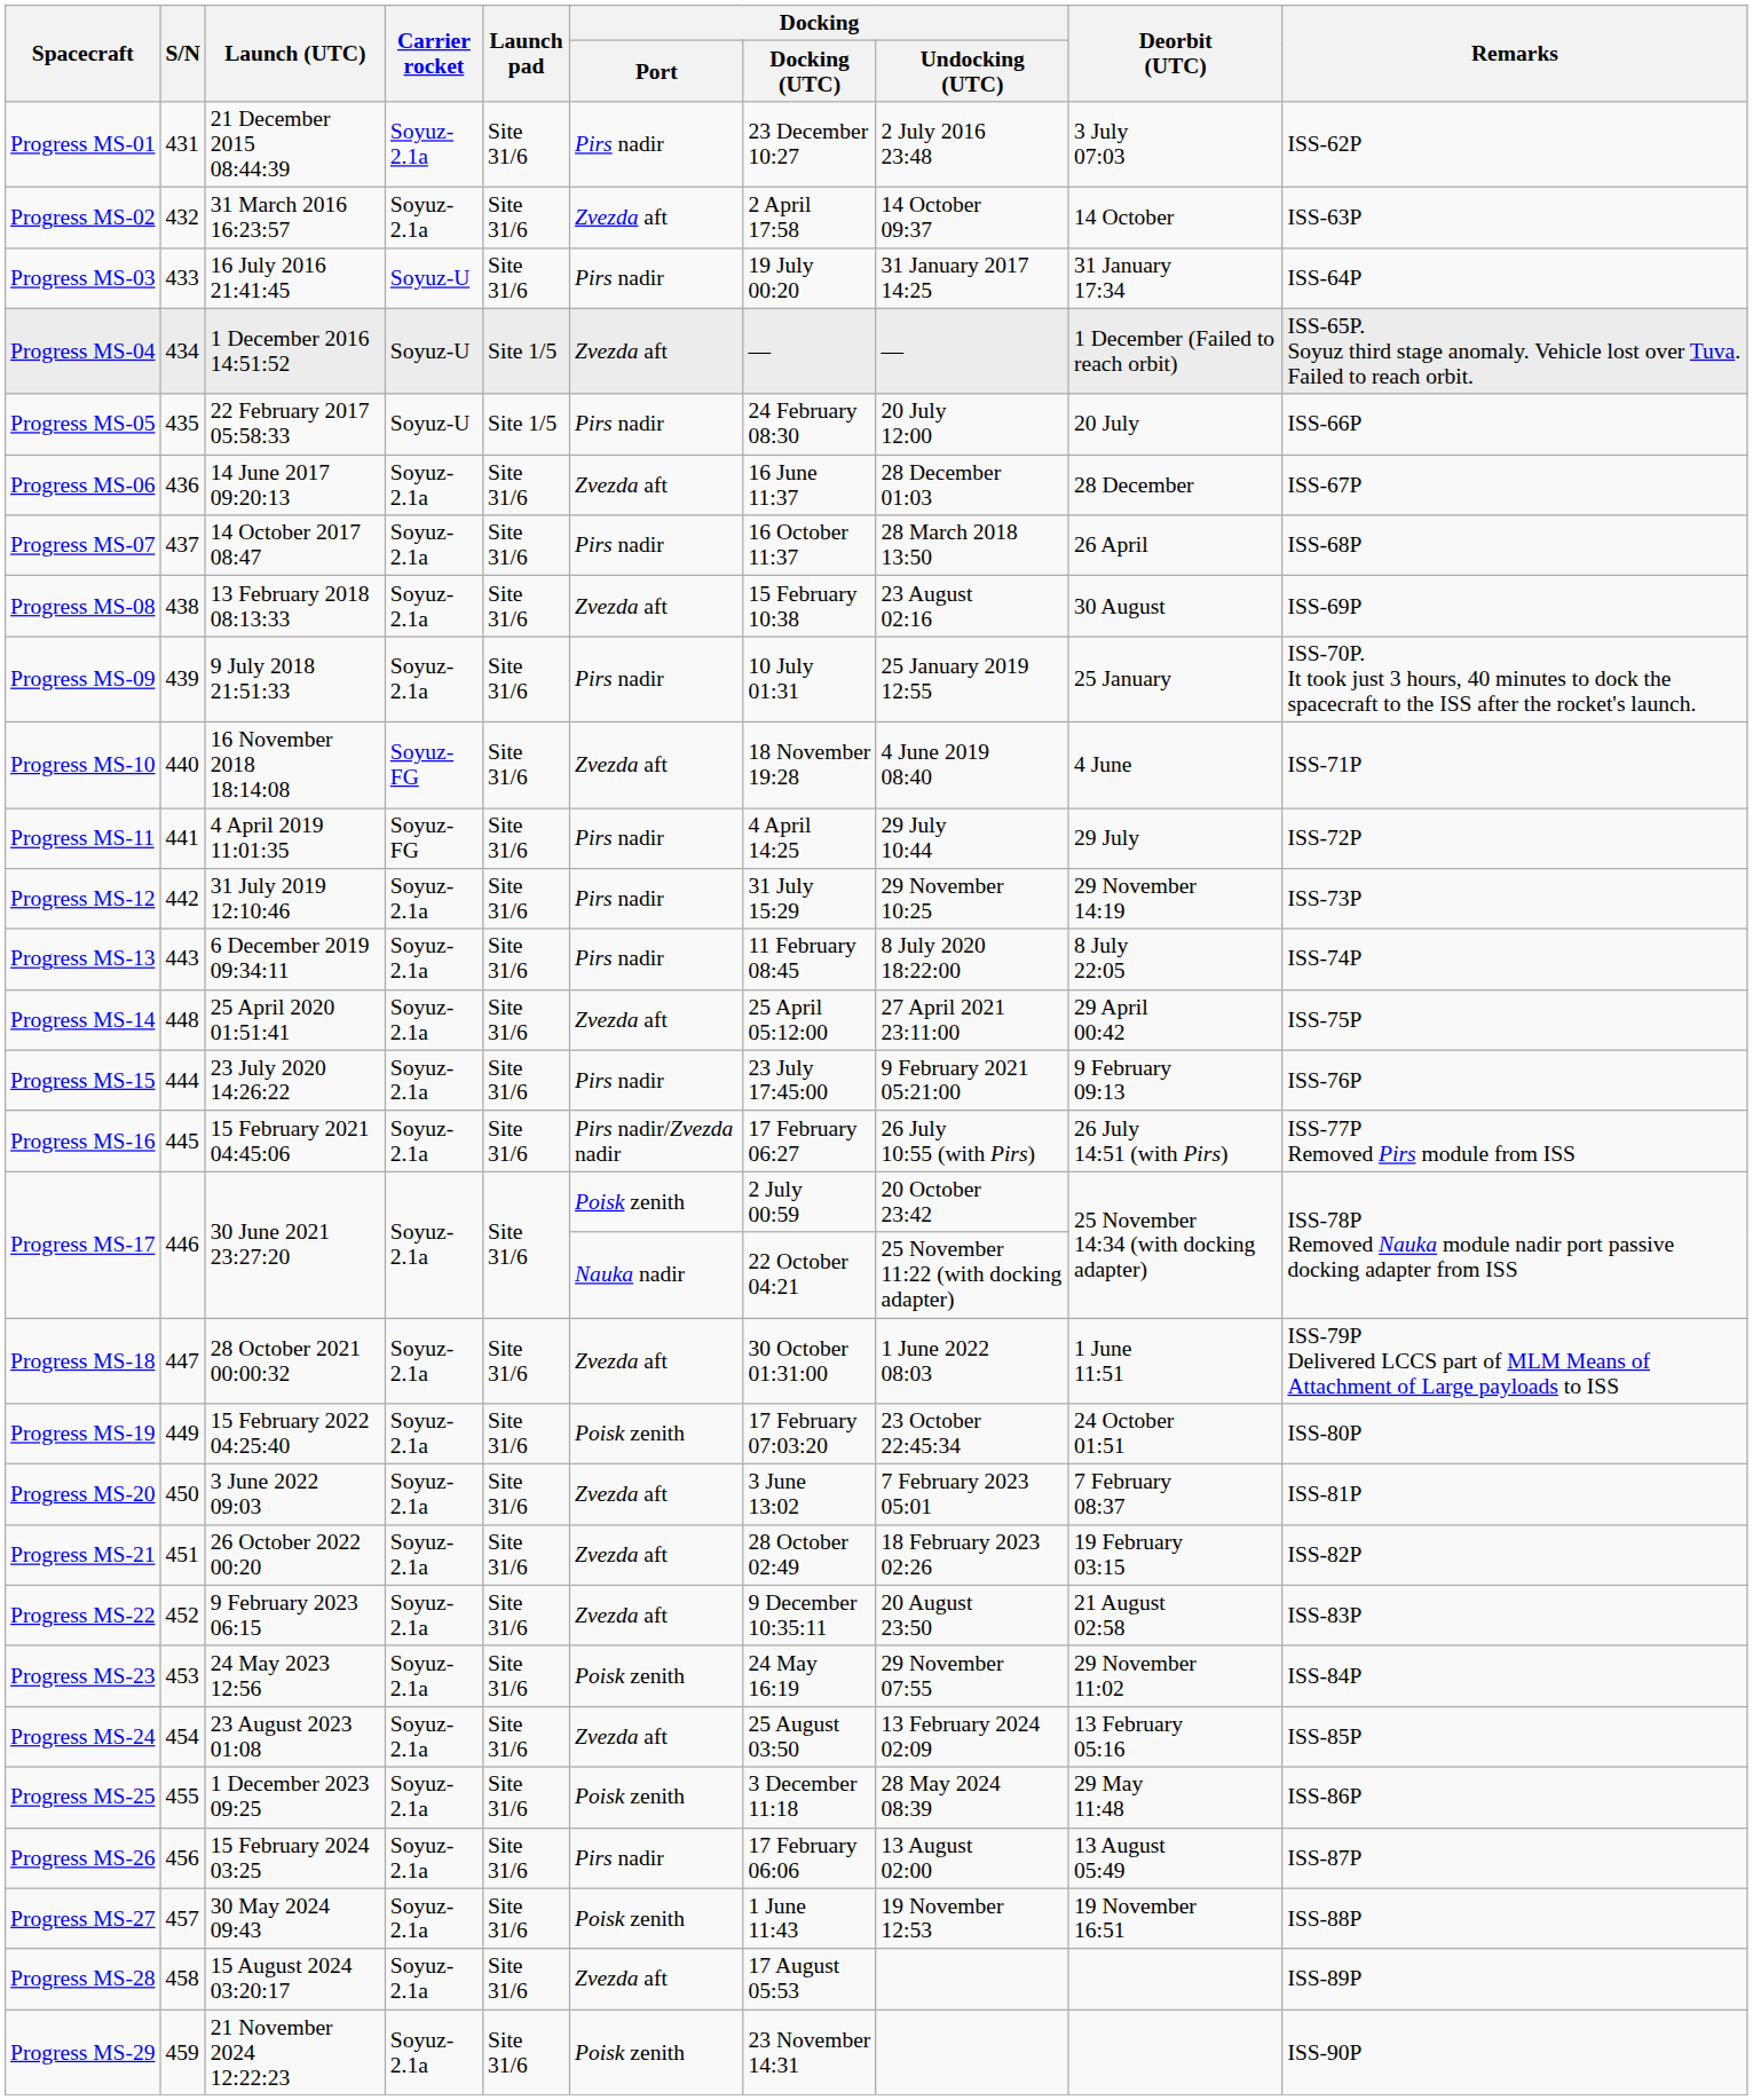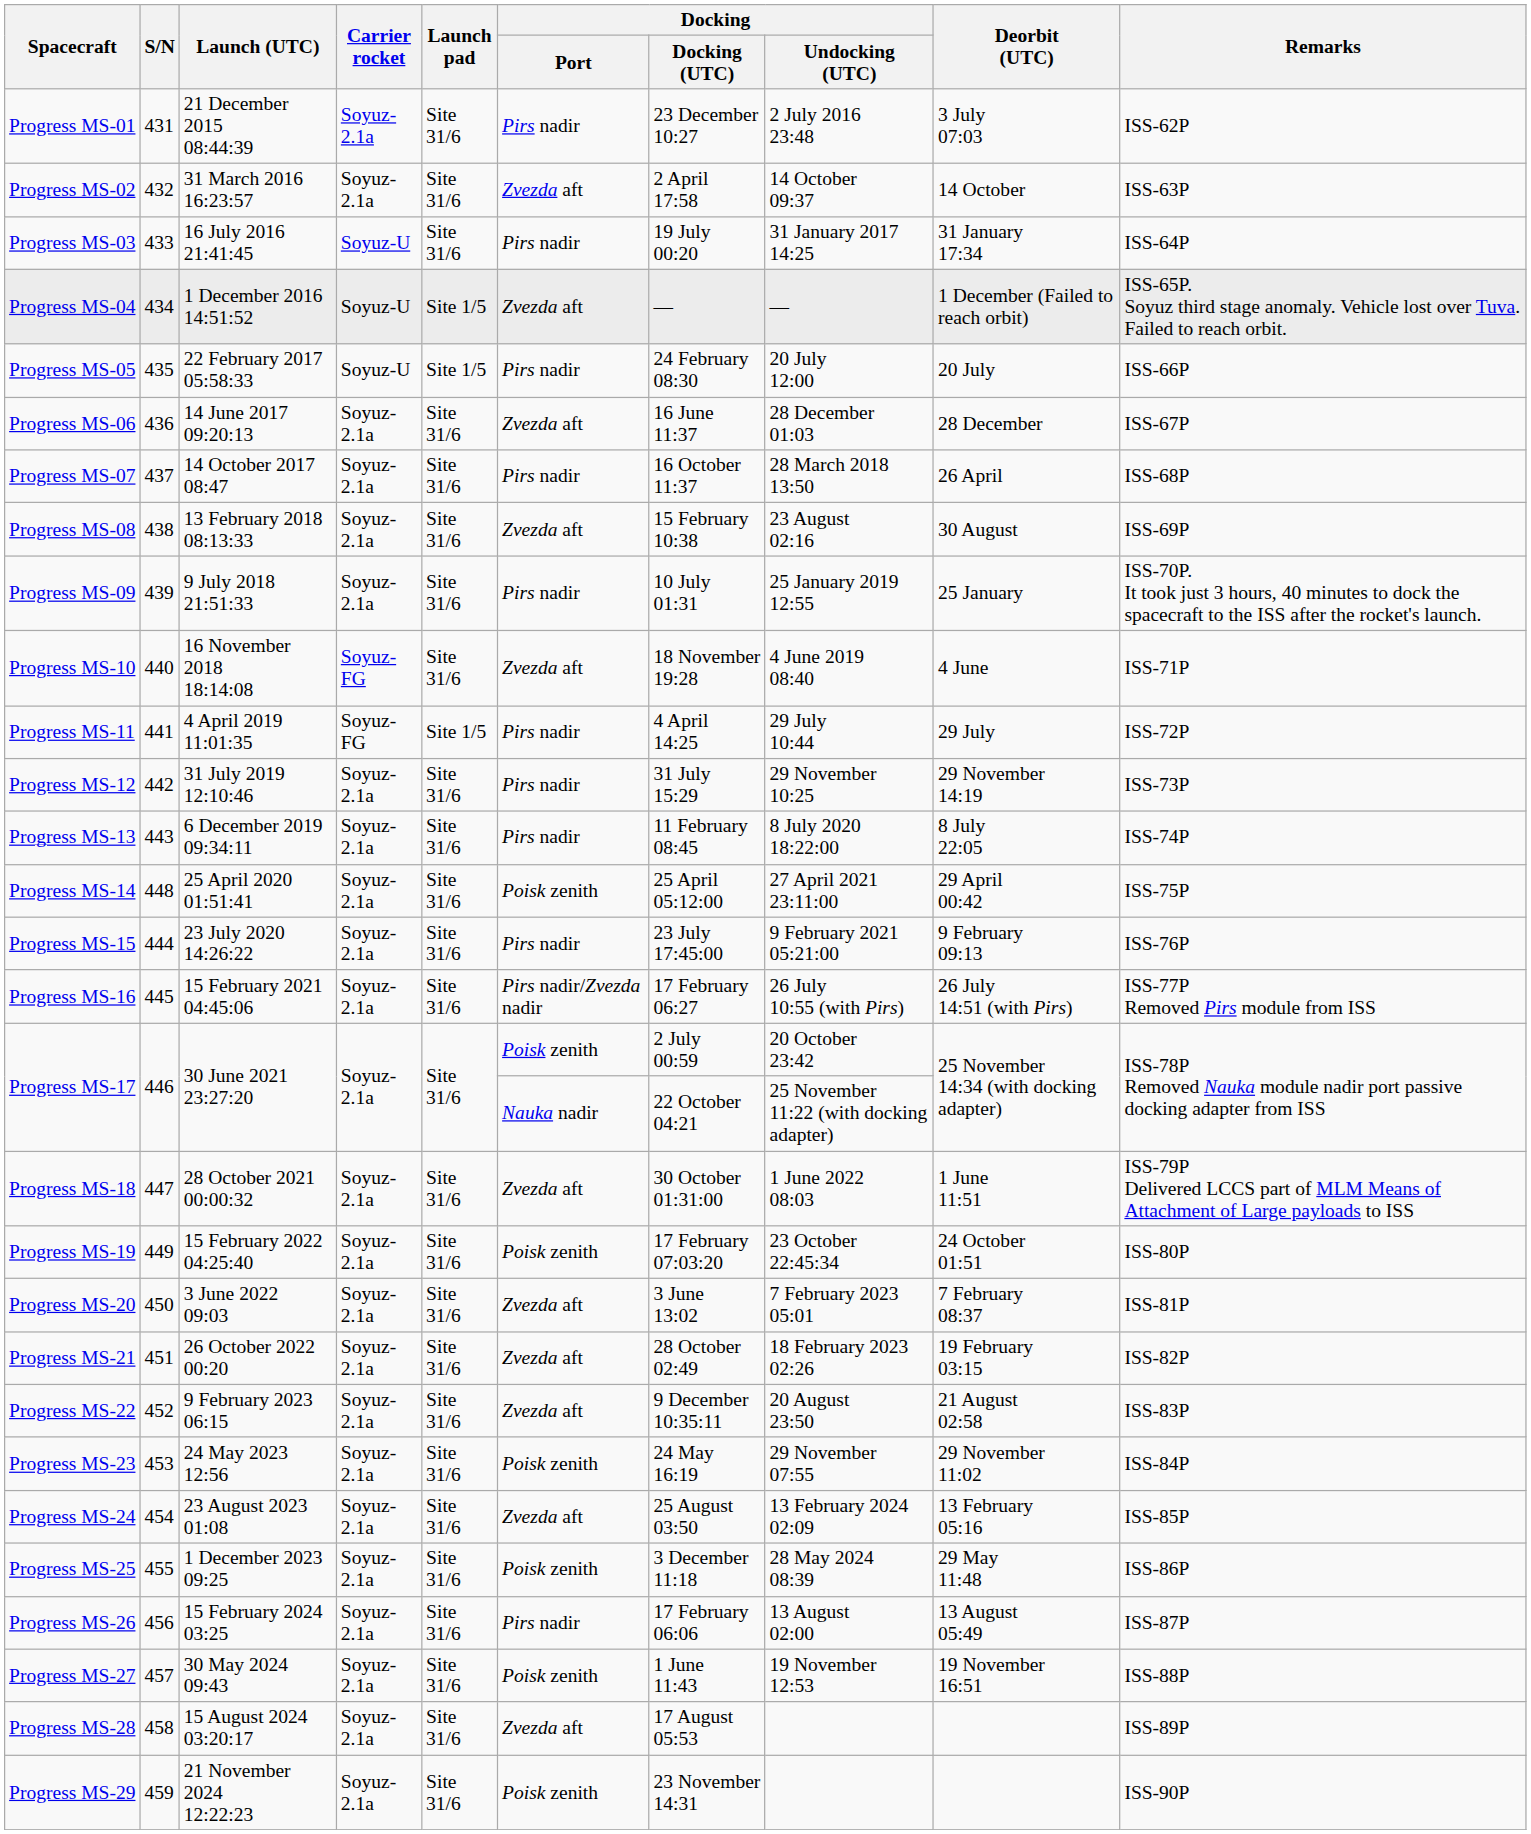 <table class="wikitable sortable sticky-header-multi sort-under">
 <tr>
 <th rowspan=2>Spacecraft</th>
 <th rowspan=2>S/N</th>
 <th rowspan=2>Launch (UTC)</th>
 <th rowspan=2><a href='#'>Carrier<br>rocket</a></th>
 <th rowspan=2>Launch<br>pad</th>
 <th colspan=3>Docking</th>
 <th rowspan=2>Deorbit<br>(UTC)</th>
 <th rowspan=2 class="unsortable">Remarks</th>
 </tr>
 <tr>
 <th>Port</th>
 <th>Docking<br>(UTC)</th>
 <th>Undocking<br>(UTC)</th>
 </tr>
 <tr>
 <td><a href='#'>Progress MS-01</a></td>
 <td>431</td>
 <td>21 December 2015<br>08:44:39</td>
 <td><a href='#'>Soyuz-2.1a</a></td>
 <td>Site 31/6</td>
 <td><em><a href='#'>Pirs</a></em> nadir</td>
 <td>23 December <br>10:27</td>
 <td>2 July 2016<br>23:48</td>
 <td>3 July <br>07:03</td>
 <td>ISS-62P</td>
 </tr>
 <tr>
 <td><a href='#'>Progress MS-02</a></td>
 <td>432</td>
 <td>31 March 2016<br>16:23:57</td>
 <td>Soyuz-2.1a</td>
 <td>Site 31/6</td>
 <td><em><a href='#'>Zvezda</a></em> aft</td>
 <td>2 April <br>17:58</td>
 <td>14 October <br>09:37</td>
 <td>14 October</td>
 <td>ISS-63P</td>
 </tr>
 <tr>
 <td nowrap><a href='#'>Progress MS-03</a></td>
 <td>433</td>
 <td>16 July 2016<br>21:41:45</td>
 <td><a href='#'>Soyuz-U</a></td>
 <td>Site 31/6</td>
 <td><em>Pirs</em> nadir</td>
 <td>19 July <br>00:20</td>
 <td>31 January 2017<br>14:25</td>
 <td>31 January <br>17:34</td>
 <td>ISS-64P</td>
 </tr>
 <tr style="background: var(--background-color-interactive, #ececec)">
 <td><a href='#'>Progress MS-04</a></td>
 <td>434</td>
 <td>1 December 2016<br>14:51:52</td>
 <td>Soyuz-U</td>
 <td>Site 1/5</td>
 <td><em>Zvezda</em> aft</td>
 <td>—</td>
 <td>—</td>
 <td>1 December (Failed to reach orbit)</td>
 <td>ISS-65P.<br>Soyuz third stage anomaly. Vehicle lost  over <a href='#'>Tuva</a>. Failed to reach orbit.</td>
 </tr>
 <tr>
 <td><a href='#'>Progress MS-05</a></td>
 <td>435</td>
 <td>22 February 2017<br>05:58:33</td>
 <td>Soyuz-U</td>
 <td>Site 1/5</td>
 <td><em>Pirs</em> nadir</td>
 <td>24 February <br>08:30</td>
 <td>20 July <br>12:00</td>
 <td>20 July</td>
 <td>ISS-66P</td>
 </tr>
 <tr>
 <td><a href='#'>Progress MS-06</a></td>
 <td>436</td>
 <td>14 June 2017<br>09:20:13</td>
 <td>Soyuz-2.1a</td>
 <td>Site 31/6</td>
 <td><em>Zvezda</em> aft</td>
 <td>16 June <br>11:37</td>
 <td>28 December <br>01:03</td>
 <td>28 December</td>
 <td>ISS-67P</td>
 </tr>
 <tr>
 <td><a href='#'>Progress MS-07</a></td>
 <td>437</td>
 <td>14 October 2017<br>08:47</td>
 <td>Soyuz-2.1a</td>
 <td>Site 31/6</td>
 <td><em>Pirs</em> nadir</td>
 <td>16 October <br>11:37</td>
 <td>28 March 2018<br>13:50</td>
 <td>26 April</td>
 <td>ISS-68P</td>
 </tr>
 <tr>
 <td><a href='#'>Progress MS-08</a></td>
 <td>438</td>
 <td>13 February 2018<br>08:13:33</td>
 <td>Soyuz-2.1a</td>
 <td>Site 31/6</td>
 <td><em>Zvezda</em> aft</td>
 <td>15 February<br>10:38</td>
 <td>23 August<br>02:16</td>
 <td>30 August</td>
 <td>ISS-69P</td>
 </tr>
 <tr>
 <td><a href='#'>Progress MS-09</a></td>
 <td>439</td>
 <td>9 July 2018<br>21:51:33</td>
 <td>Soyuz-2.1a</td>
 <td>Site 31/6</td>
 <td><em>Pirs</em> nadir</td>
 <td>10 July <br>01:31</td>
 <td>25 January 2019<br>12:55</td>
 <td>25 January</td>
 <td>ISS-70P.<br>It took just 3 hours, 40 minutes to dock the spacecraft to the ISS after the rocket's launch.</td>
 </tr>
 <tr>
 <td><a href='#'>Progress MS-10</a></td>
 <td>440</td>
 <td>16 November 2018<br>18:14:08</td>
 <td><a href='#'>Soyuz-FG</a></td>
 <td Site 31/6>Site 31/6</td>
 <td><em>Zvezda</em> aft</td>
 <td>18 November <br>19:28</td>
 <td>4 June 2019<br>08:40</td>
 <td>4 June</td>
 <td>ISS-71P</td>
 </tr>
 <tr>
 <td><a href='#'>Progress MS-11</a></td>
 <td>441</td>
 <td>4 April 2019<br>11:01:35</td>
 <td>Soyuz-FG</td>
-<td Site 31/6>Site 31/6</td>
+<td>Site 1/5</td>
 <td><em>Pirs</em> nadir</td>
 <td>4 April <br>14:25</td>
 <td>29 July <br>10:44</td>
 <td>29 July</td>
 <td>ISS-72P</td>
 </tr>
 <tr>
 <td><a href='#'>Progress MS-12</a></td>
 <td>442</td>
 <td>31 July 2019<br>12:10:46</td>
 <td>Soyuz-2.1a</td>
 <td>Site 31/6</td>
 <td><em>Pirs</em> nadir</td>
 <td>31 July <br>15:29</td>
 <td>29 November <br>10:25</td>
 <td>29 November<br>14:19</td>
 <td>ISS-73P</td>
 </tr>
 <tr>
 <td><a href='#'>Progress MS-13</a></td>
 <td>443</td>
 <td>6 December 2019 09:34:11</td>
 <td>Soyuz-2.1a</td>
 <td>Site 31/6</td>
 <td><em>Pirs</em> nadir</td>
 <td>11 February<br>08:45</td>
 <td>8 July 2020<br> 18:22:00</td>
 <td>8 July<br>22:05</td>
 <td>ISS-74P</td>
 </tr>
 <tr>
 <td><a href='#'>Progress MS-14</a></td>
 <td>448</td>
 <td>25 April 2020<br>01:51:41</td>
 <td>Soyuz-2.1a</td>
 <td>Site 31/6</td>
-<td><em>Zvezda</em> aft</td>
+<td><em>Poisk</em> zenith</td>
 <td>25 April <br>05:12:00</td>
 <td>27 April 2021<br>23:11:00</td>
 <td>29 April<br>00:42</td>
 <td>ISS-75P</td>
 </tr>
 <tr>
 <td><a href='#'>Progress MS-15</a></td>
 <td>444</td>
 <td>23 July 2020<br>14:26:22</td>
 <td>Soyuz-2.1a</td>
 <td>Site 31/6</td>
 <td><em>Pirs</em> nadir</td>
 <td>23 July  17:45:00</td>
 <td>9 February 2021<br>05:21:00</td>
 <td>9 February<br>09:13</td>
 <td>ISS-76P</td>
 </tr>
 <tr>
 <td><a href='#'>Progress MS-16</a></td>
 <td>445</td>
 <td>15 February 2021<br>04:45:06</td>
 <td>Soyuz-2.1a</td>
 <td>Site 31/6</td>
 <td><em>Pirs</em> nadir/<em>Zvezda</em> nadir</td>
 <td>17 February<br>06:27</td>
 <td>26 July<br>10:55 (with <em>Pirs</em>)</td>
 <td>26 July<br>14:51 (with <em>Pirs</em>)</td>
 <td>ISS-77P<br>Removed <a href='#'><em>Pirs</em></a> module from ISS</td>
 </tr>
 <tr>
 <td rowspan="2"><a href='#'>Progress MS-17</a></td>
 <td rowspan="2">446</td>
 <td rowspan="2">30 June 2021<br>23:27:20</td>
 <td rowspan="2">Soyuz-2.1a</td>
 <td rowspan="2">Site 31/6</td>
 <td><em><a href='#'>Poisk</a></em> zenith</td>
 <td>2 July<br>00:59</td>
 <td>20 October<br>23:42</td>
 <td rowspan="2">25 November<br>14:34 (with docking adapter)</td>
 <td rowspan="2">ISS-78P<br>Removed <a href='#'><em>Nauka</em></a> module nadir port passive docking adapter from ISS</td>
 </tr>
 <tr>
 <td><em><a href='#'>Nauka</a></em> nadir</td>
 <td>22 October<br>04:21</td>
 <td>25 November<br>11:22 (with docking adapter)</td>
 </tr>
 <tr>
 <td><a href='#'>Progress MS-18</a></td>
 <td>447</td>
 <td>28 October 2021<br>00:00:32</td>
 <td>Soyuz-2.1a</td>
 <td>Site 31/6</td>
 <td><em>Zvezda</em> aft</td>
 <td>30 October<br>01:31:00</td>
 <td>1 June 2022<br>08:03</td>
 <td>1 June<br>11:51</td>
 <td>ISS-79P<br>Delivered LCCS part of <a href='#'>MLM Means of Attachment of Large payloads</a> to ISS</td>
 </tr>
 <tr>
 <td><a href='#'>Progress MS-19</a></td>
 <td>449</td>
 <td>15 February 2022<br>04:25:40</td>
 <td>Soyuz-2.1a</td>
 <td>Site 31/6</td>
 <td><em>Poisk</em> zenith</td>
 <td>17 February<br>07:03:20</td>
 <td>23 October<br>22:45:34</td>
 <td>24 October<br>01:51</td>
 <td>ISS-80P</td>
 </tr>
 <tr>
 <td><a href='#'>Progress MS-20</a></td>
 <td>450</td>
 <td>3 June 2022<br>09:03</td>
 <td>Soyuz-2.1a</td>
 <td>Site 31/6</td>
 <td><em>Zvezda</em> aft</td>
 <td>3 June<br>13:02</td>
 <td>7 February 2023<br>05:01</td>
 <td>7 February<br>08:37</td>
 <td>ISS-81P</td>
 </tr>
 <tr>
 <td><a href='#'>Progress MS-21</a></td>
 <td>451</td>
 <td>26 October 2022<br>00:20</td>
 <td>Soyuz-2.1a</td>
 <td>Site 31/6</td>
 <td><em>Zvezda</em> aft</td>
 <td>28 October<br>02:49</td>
 <td>18 February 2023<br>02:26</td>
 <td>19 February<br>03:15</td>
 <td>ISS-82P</td>
 </tr>
 <tr>
 <td><a href='#'>Progress MS-22</a></td>
 <td>452</td>
 <td>9 February 2023<br>06:15</td>
 <td>Soyuz-2.1a</td>
 <td>Site 31/6</td>
 <td><em>Zvezda</em> aft</td>
 <td>9 December<br> 10:35:11</td>
 <td>20 August<br>23:50</td>
 <td>21 August<br>02:58</td>
 <td>ISS-83P</td>
 </tr>
 <tr>
 <td><a href='#'>Progress MS-23</a></td>
 <td>453</td>
 <td>24 May 2023<br>12:56</td>
 <td>Soyuz-2.1a</td>
 <td>Site 31/6</td>
 <td><em>Poisk</em> zenith</td>
 <td>24 May<br>16:19</td>
 <td>29 November<br>07:55</td>
 <td>29 November<br>11:02</td>
 <td>ISS-84P</td>
 </tr>
 <tr>
 <td><a href='#'>Progress MS-24</a></td>
 <td>454</td>
 <td>23 August 2023<br>01:08</td>
 <td>Soyuz-2.1a</td>
 <td>Site 31/6</td>
 <td><em>Zvezda</em> aft</td>
 <td>25 August<br>03:50</td>
 <td>13 February 2024<br>02:09</td>
 <td>13 February<br>05:16</td>
 <td>ISS-85P</td>
 </tr>
 <tr>
 <td><a href='#'>Progress MS-25</a></td>
 <td>455</td>
 <td>1 December 2023<br>09:25</td>
 <td>Soyuz-2.1a</td>
 <td>Site 31/6</td>
 <td><em>Poisk</em> zenith</td>
 <td>3 December<br>11:18</td>
 <td>28 May 2024<br>08:39</td>
 <td>29 May<br>11:48</td>
 <td>ISS-86P</td>
 </tr>
 <tr>
 <td><a href='#'>Progress MS-26</a></td>
 <td>456</td>
 <td>15 February 2024<br>03:25</td>
 <td>Soyuz-2.1a</td>
 <td>Site 31/6</td>
 <td><em>Pirs</em> nadir</td>
 <td>17 February<br>06:06</td>
 <td>13 August<br>02:00</td>
 <td>13 August<br>05:49</td>
 <td>ISS-87P</td>
 </tr>
 <tr>
 <td><a href='#'>Progress MS-27</a></td>
 <td>457</td>
 <td>30 May 2024<br>09:43</td>
 <td>Soyuz-2.1a</td>
 <td>Site 31/6</td>
 <td><em>Poisk</em> zenith</td>
 <td>1 June<br>11:43</td>
 <td>19 November<br>12:53</td>
 <td>19 November<br>16:51</td>
 <td>ISS-88P</td>
 </tr>
 <tr>
 <td><a href='#'>Progress MS-28</a></td>
 <td>458</td>
 <td>15 August 2024<br>03:20:17</td>
 <td>Soyuz-2.1a</td>
 <td>Site 31/6</td>
 <td><em>Zvezda</em> aft</td>
 <td>17 August<br>05:53</td>
 <td></td>
 <td></td>
 <td>ISS-89P</td>
 </tr>
 <tr>
 <td><a href='#'>Progress MS-29</a></td>
 <td>459</td>
 <td>21 November 2024<br>12:22:23</td>
 <td>Soyuz-2.1a</td>
 <td>Site 31/6</td>
 <td><em>Poisk</em> zenith</td>
 <td>23 November<br>14:31</td>
 <td></td>
 <td></td>
 <td>ISS-90P</td>
 </tr>
 </table>
